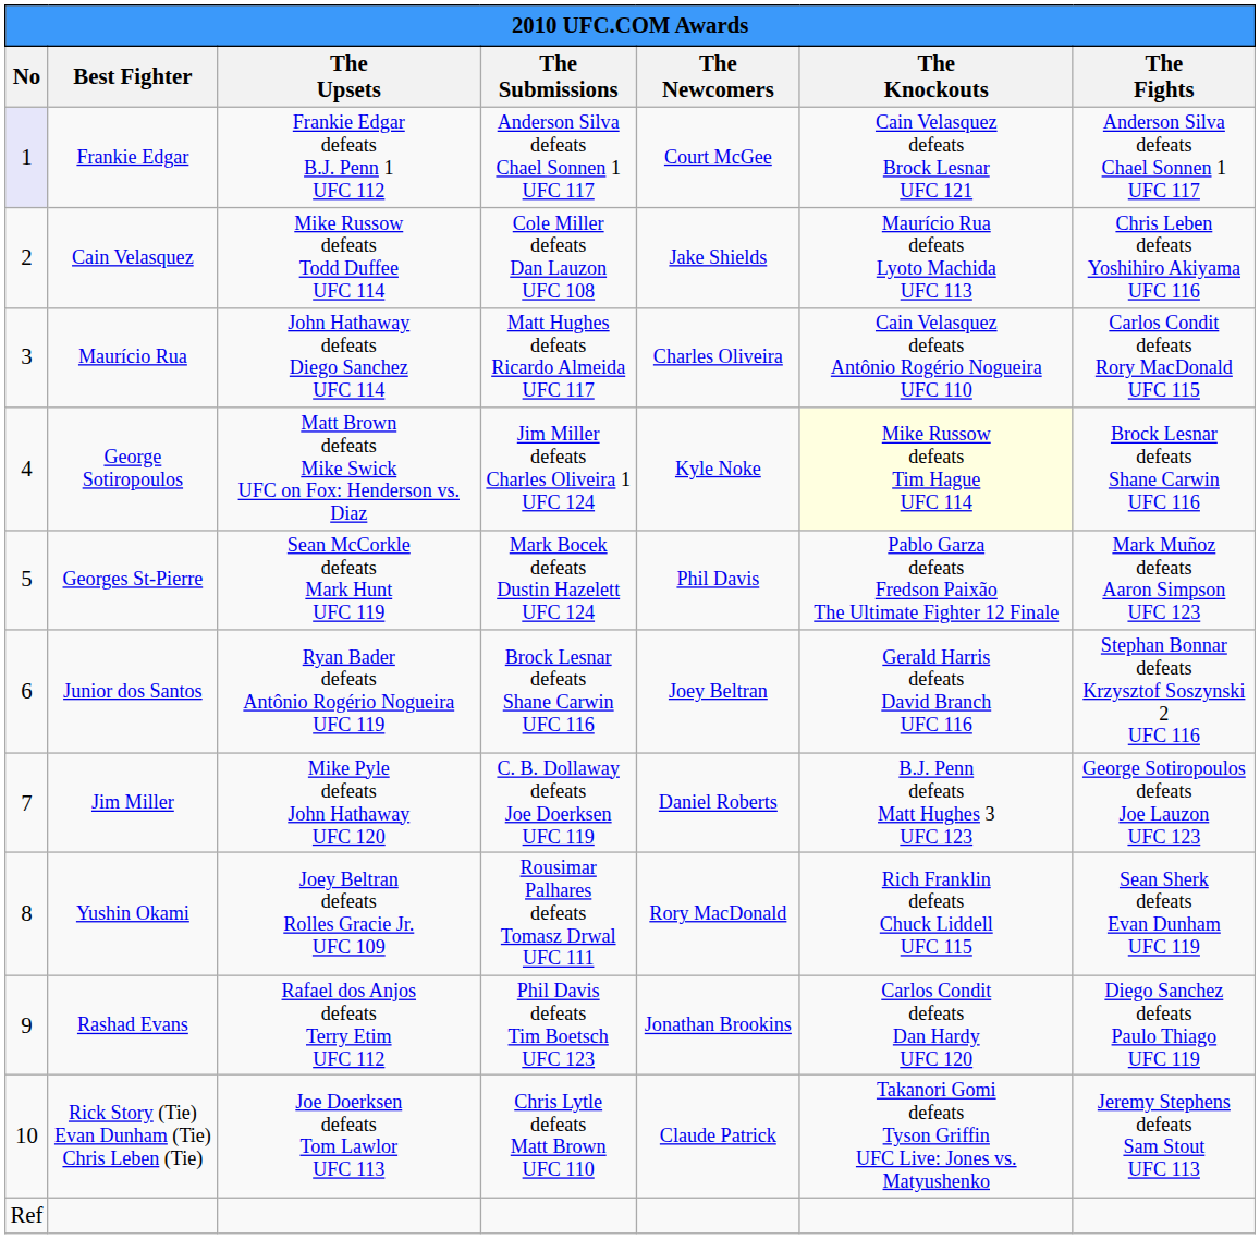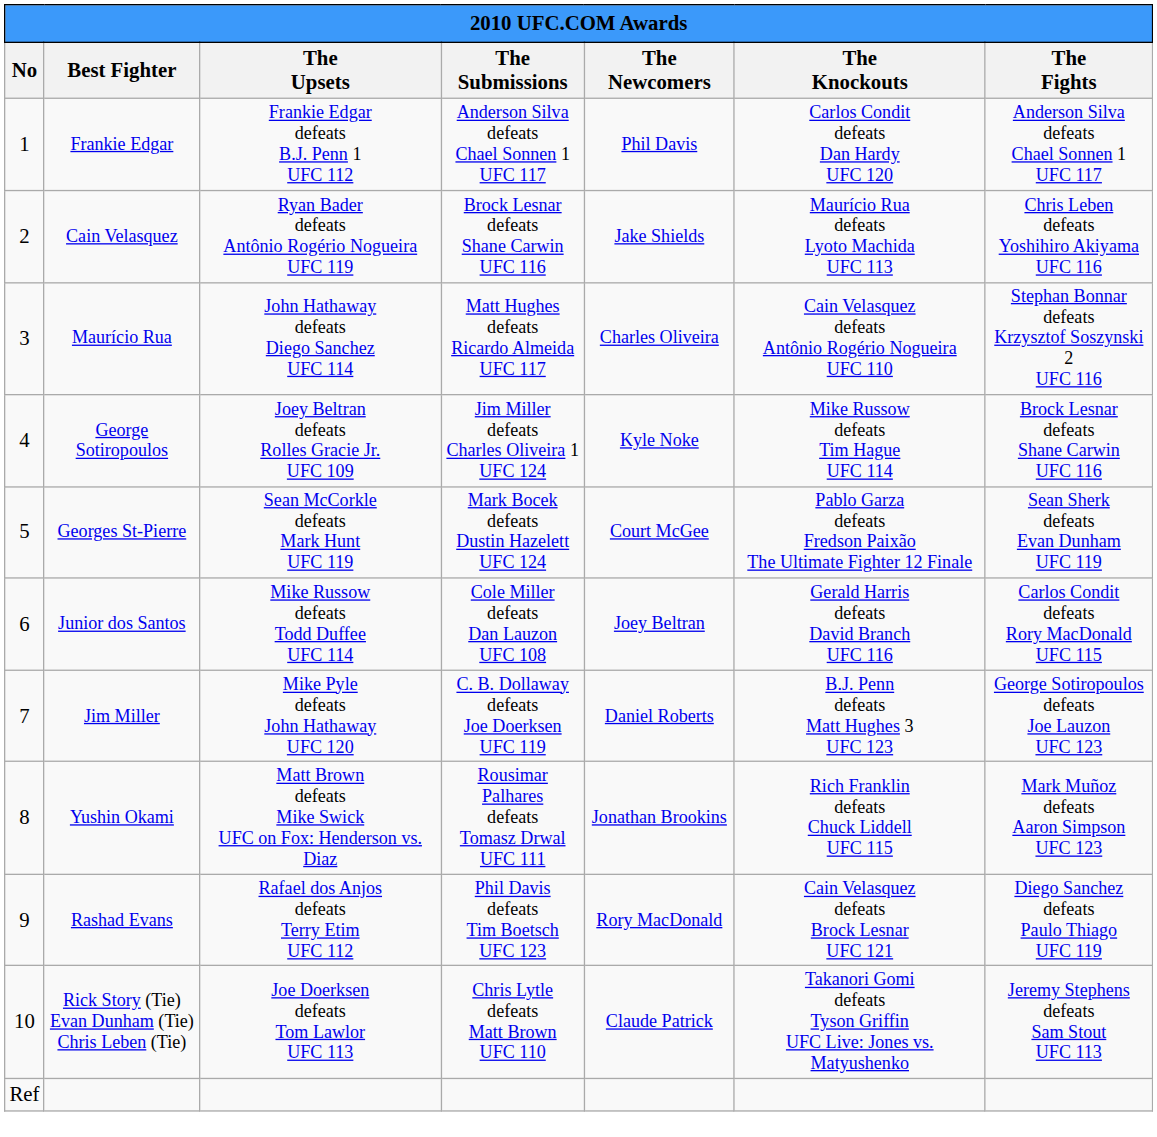 <table class="wikitable" width="100%" style="text-align:Center">
 <tr>
 <th colspan="7" style="border: 1px solid black; padding: 5px; background: #3B99FA;">2010 UFC.COM Awards</th>
 </tr>
 <tr>
 <th>No</th>
 <th>Best Fighter</th>
 <th>The<br>Upsets</th>
 <th>The<br>Submissions</th>
 <th>The Newcomers</th>
 <th>The<br>Knockouts</th>
 <th>The<br>Fights</th>
 </tr>
 <tr>
-<td style="background: lavender;">1</td>
+<td>1</td>
 <td style="font-size:87%"><a href='#'>Frankie Edgar</a></td>
 <td style="font-size:87%"><a href='#'>Frankie Edgar</a> <br> defeats <br> <a href='#'>B.J. Penn</a> 1 <br> <a href='#'>UFC 112</a></td>
 <td style="font-size:87%"><a href='#'>Anderson Silva</a> <br> defeats <br> <a href='#'>Chael Sonnen</a> 1 <br> <a href='#'>UFC 117</a></td>
-<td style="font-size:87%"><a href='#'>Court McGee</a></td>
-<td style="font-size:87%"><a href='#'>Cain Velasquez</a> <br> defeats <br> <a href='#'>Brock Lesnar</a> <br> <a href='#'>UFC 121</a></td>
+<td style="font-size:87%"><a href='#'>Phil Davis</a></td>
+<td style="font-size:87%"><a href='#'>Carlos Condit</a> <br> defeats <br> <a href='#'>Dan Hardy</a> <br> <a href='#'>UFC 120</a></td>
 <td style="font-size:87%"><a href='#'>Anderson Silva</a> <br> defeats <br> <a href='#'>Chael Sonnen</a> 1 <br> <a href='#'>UFC 117</a></td>
 </tr>
 <tr>
 <td>2</td>
 <td style="font-size:87%"><a href='#'>Cain Velasquez</a></td>
-<td style="font-size:87%"><a href='#'>Mike Russow</a> <br> defeats  <br> <a href='#'>Todd Duffee</a> <br> <a href='#'>UFC 114</a></td>
-<td style="font-size:87%"><a href='#'>Cole Miller</a> <br> defeats <br> <a href='#'>Dan Lauzon</a> <br> <a href='#'>UFC 108</a></td>
+<td style="font-size:87%"><a href='#'>Ryan Bader</a> <br> defeats <br> <a href='#'>Antônio Rogério Nogueira</a> <br> <a href='#'>UFC 119</a></td>
+<td style="font-size:87%"><a href='#'>Brock Lesnar</a> <br> defeats <br> <a href='#'>Shane Carwin</a> <br> <a href='#'>UFC 116</a></td>
 <td style="font-size:87%"><a href='#'>Jake Shields</a></td>
 <td style="font-size:87%"><a href='#'>Maurício Rua</a> <br> defeats <br> <a href='#'>Lyoto Machida</a> <br> <a href='#'>UFC 113</a></td>
 <td style="font-size:87%"><a href='#'>Chris Leben</a> <br> defeats <br> <a href='#'>Yoshihiro Akiyama</a> <br> <a href='#'>UFC 116</a></td>
 </tr>
 <tr>
 <td>3</td>
 <td style="font-size:87%"><a href='#'>Maurício Rua</a></td>
 <td style="font-size:87%"><a href='#'>John Hathaway</a> <br> defeats  <br> <a href='#'>Diego Sanchez</a> <br> <a href='#'>UFC  114</a></td>
 <td style="font-size:87%"><a href='#'>Matt Hughes</a> <br> defeats  <br> <a href='#'>Ricardo Almeida</a> <br> <a href='#'>UFC 117</a></td>
 <td style="font-size:87%"><a href='#'>Charles Oliveira</a></td>
 <td style="font-size:87%"><a href='#'>Cain Velasquez</a> <br> defeats <br> <a href='#'>Antônio Rogério Nogueira</a> <br> <a href='#'>UFC 110</a></td>
-<td style="font-size:87%"><a href='#'>Carlos Condit</a> <br> defeats <br> <a href='#'>Rory MacDonald</a> <br> <a href='#'>UFC 115</a></td>
+<td style="font-size:87%"><a href='#'>Stephan Bonnar</a><br> defeats <br> <a href='#'>Krzysztof Soszynski</a> 2 <br> <a href='#'>UFC 116</a></td>
 </tr>
 <tr>
 <td>4</td>
 <td style="font-size:87%"><a href='#'>George Sotiropoulos</a></td>
-<td style="font-size:87%"><a href='#'>Matt Brown</a> <br> defeats <br> <a href='#'>Mike Swick</a> <br> <a href='#'>UFC on Fox: Henderson vs. Diaz</a></td>
+<td style="font-size:87%"><a href='#'>Joey Beltran</a> <br> defeats <br> <a href='#'>Rolles Gracie Jr.</a> <br> <a href='#'>UFC 109</a></td>
 <td style="font-size:87%"><a href='#'>Jim Miller</a> <br> defeats <br> <a href='#'>Charles Oliveira</a> 1<br> <a href='#'>UFC 124</a></td>
 <td style="font-size:87%"><a href='#'>Kyle Noke</a></td>
-<td style="background: lightyellow; font-size:87%"><a href='#'>Mike Russow</a> <br> defeats <br> <a href='#'>Tim Hague</a> <br> <a href='#'>UFC 114</a></td>
+<td style="font-size:87%"><a href='#'>Mike Russow</a> <br> defeats <br> <a href='#'>Tim Hague</a> <br> <a href='#'>UFC 114</a></td>
 <td style="font-size:87%"><a href='#'>Brock Lesnar</a> <br> defeats <br> <a href='#'>Shane Carwin</a> <br> <a href='#'>UFC 116</a></td>
 </tr>
 <tr>
 <td>5</td>
 <td style="font-size:87%"><a href='#'>Georges St-Pierre</a></td>
 <td style="font-size:87%"><a href='#'>Sean McCorkle</a> <br> defeats <br> <a href='#'>Mark Hunt</a> <br> <a href='#'>UFC 119</a></td>
 <td style="font-size:87%"><a href='#'>Mark Bocek</a> <br> defeats <br> <a href='#'>Dustin Hazelett</a> <br> <a href='#'>UFC 124</a></td>
-<td style="font-size:87%"><a href='#'>Phil Davis</a></td>
+<td style="font-size:87%"><a href='#'>Court McGee</a></td>
 <td style="font-size:87%"><a href='#'>Pablo Garza</a> <br> defeats <br> <a href='#'>Fredson Paixão</a> <br> <a href='#'>The Ultimate Fighter 12 Finale</a></td>
-<td style="font-size:87%"><a href='#'>Mark Muñoz</a> <br> defeats <br> <a href='#'>Aaron Simpson</a> <br> <a href='#'>UFC 123</a></td>
+<td style="font-size:87%"><a href='#'>Sean Sherk</a> <br> defeats <br> <a href='#'>Evan Dunham</a> <br> <a href='#'>UFC 119</a></td>
 </tr>
 <tr>
 <td>6</td>
 <td style="font-size:87%"><a href='#'>Junior dos Santos</a></td>
-<td style="font-size:87%"><a href='#'>Ryan Bader</a> <br> defeats <br> <a href='#'>Antônio Rogério Nogueira</a> <br> <a href='#'>UFC 119</a></td>
-<td style="font-size:87%"><a href='#'>Brock Lesnar</a> <br> defeats <br> <a href='#'>Shane Carwin</a> <br> <a href='#'>UFC 116</a></td>
+<td style="font-size:87%"><a href='#'>Mike Russow</a> <br> defeats  <br> <a href='#'>Todd Duffee</a> <br> <a href='#'>UFC 114</a></td>
+<td style="font-size:87%"><a href='#'>Cole Miller</a> <br> defeats <br> <a href='#'>Dan Lauzon</a> <br> <a href='#'>UFC 108</a></td>
 <td style="font-size:87%"><a href='#'>Joey Beltran</a></td>
 <td style="font-size:87%"><a href='#'>Gerald Harris</a> <br> defeats <br> <a href='#'>David Branch</a> <br> <a href='#'>UFC 116</a></td>
-<td style="font-size:87%"><a href='#'>Stephan Bonnar</a><br> defeats <br> <a href='#'>Krzysztof Soszynski</a> 2 <br> <a href='#'>UFC 116</a></td>
+<td style="font-size:87%"><a href='#'>Carlos Condit</a> <br> defeats <br> <a href='#'>Rory MacDonald</a> <br> <a href='#'>UFC 115</a></td>
 </tr>
 <tr>
 <td>7</td>
 <td style="font-size:87%"><a href='#'>Jim Miller</a></td>
 <td style="font-size:87%"><a href='#'>Mike Pyle</a> <br> defeats <br> <a href='#'>John Hathaway</a> <br> <a href='#'>UFC 120</a></td>
 <td style="font-size:87%"><a href='#'>C. B. Dollaway</a> <br> defeats <br> <a href='#'>Joe Doerksen</a> <br> <a href='#'>UFC 119</a></td>
 <td style="font-size:87%"><a href='#'>Daniel Roberts</a></td>
 <td style="font-size:87%"><a href='#'>B.J. Penn</a> <br> defeats <br> <a href='#'>Matt Hughes</a> 3<br> <a href='#'>UFC 123</a></td>
 <td style="font-size:87%"><a href='#'>George Sotiropoulos</a> <br> defeats <br> <a href='#'>Joe Lauzon</a> <br> <a href='#'>UFC 123</a></td>
 </tr>
 <tr>
 <td>8</td>
 <td style="font-size:87%"><a href='#'>Yushin Okami</a></td>
-<td style="font-size:87%"><a href='#'>Joey Beltran</a> <br> defeats <br> <a href='#'>Rolles Gracie Jr.</a> <br> <a href='#'>UFC 109</a></td>
+<td style="font-size:87%"><a href='#'>Matt Brown</a> <br> defeats <br> <a href='#'>Mike Swick</a> <br> <a href='#'>UFC on Fox: Henderson vs. Diaz</a></td>
 <td style="font-size:87%"><a href='#'>Rousimar Palhares</a> <br> defeats <br> <a href='#'>Tomasz Drwal</a> <br> <a href='#'>UFC 111</a></td>
-<td style="font-size:87%"><a href='#'>Rory MacDonald</a></td>
+<td style="font-size:87%"><a href='#'>Jonathan Brookins</a></td>
 <td style="font-size:87%"><a href='#'>Rich Franklin</a> <br> defeats <br> <a href='#'>Chuck Liddell</a> <br> <a href='#'>UFC 115</a></td>
-<td style="font-size:87%"><a href='#'>Sean Sherk</a> <br> defeats <br> <a href='#'>Evan Dunham</a> <br> <a href='#'>UFC 119</a></td>
+<td style="font-size:87%"><a href='#'>Mark Muñoz</a> <br> defeats <br> <a href='#'>Aaron Simpson</a> <br> <a href='#'>UFC 123</a></td>
 </tr>
 <tr>
 <td>9</td>
 <td style="font-size:87%"><a href='#'>Rashad Evans</a></td>
 <td style="font-size:87%"><a href='#'>Rafael dos Anjos</a> <br> defeats <br>  <a href='#'>Terry Etim</a> <br> <a href='#'>UFC 112</a></td>
 <td style="font-size:87%"><a href='#'>Phil Davis</a> <br> defeats <br> <a href='#'>Tim Boetsch</a> <br> <a href='#'>UFC 123</a></td>
-<td style="font-size:87%"><a href='#'>Jonathan Brookins</a></td>
-<td style="font-size:87%"><a href='#'>Carlos Condit</a> <br> defeats <br> <a href='#'>Dan Hardy</a> <br> <a href='#'>UFC 120</a></td>
+<td style="font-size:87%"><a href='#'>Rory MacDonald</a></td>
+<td style="font-size:87%"><a href='#'>Cain Velasquez</a> <br> defeats <br> <a href='#'>Brock Lesnar</a> <br> <a href='#'>UFC 121</a></td>
 <td style="font-size:87%"><a href='#'>Diego Sanchez</a> <br> defeats <br> <a href='#'>Paulo Thiago</a> <br> <a href='#'>UFC 119</a></td>
 </tr>
 <tr>
 <td>10</td>
 <td style="font-size:87%"><a href='#'>Rick Story</a> (Tie) <br> <a href='#'>Evan Dunham</a> (Tie) <br> <a href='#'>Chris Leben</a> (Tie)</td>
 <td style="font-size:87%"><a href='#'>Joe Doerksen</a> <br> defeats <br> <a href='#'>Tom Lawlor</a>   <br> <a href='#'>UFC 113</a></td>
 <td style="font-size:87%"><a href='#'>Chris Lytle</a> <br> defeats <br> <a href='#'>Matt Brown</a> <br> <a href='#'>UFC 110</a></td>
 <td style="font-size:87%"><a href='#'>Claude Patrick</a></td>
 <td style="font-size:87%"><a href='#'>Takanori Gomi</a><br> defeats <br> <a href='#'>Tyson Griffin</a> <br> <a href='#'>UFC Live: Jones vs. Matyushenko</a></td>
 <td style="font-size:87%"><a href='#'>Jeremy Stephens</a> <br> defeats <br> <a href='#'>Sam Stout</a> <br> <a href='#'>UFC 113</a></td>
 </tr>
 <tr>
 <td>Ref</td>
 <td></td>
 <td></td>
 <td></td>
 <td></td>
 <td></td>
 <td></td>
 </tr>
 </table>
